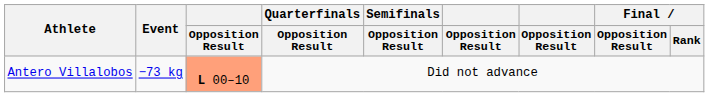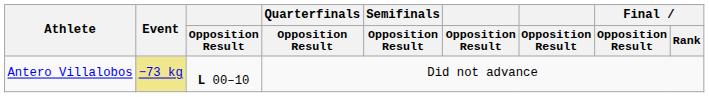 <table class="wikitable" style="font-size:90%">
 <tr>
 <th rowspan="2">Athlete</th>
 <th rowspan="2">Event</th>
 <th></th>
 <th>Quarterfinals</th>
 <th>Semifinals</th>
 <th></th>
 <th></th>
 <th colspan="2">Final / </th>
 </tr>
 <tr style="font-size:95%">
 <th>Opposition<br>Result</th>
 <th>Opposition<br>Result</th>
 <th>Opposition<br>Result</th>
 <th>Opposition<br>Result</th>
 <th>Opposition<br>Result</th>
 <th>Opposition<br>Result</th>
 <th>Rank</th>
 </tr>
 <tr align=center>
 <td align=left><a href='#'>Antero Villalobos</a></td>
-<td align=left><a href='#'>−73 kg</a></td>
-<td style="background: lightsalmon;"><br><strong>L</strong> 00–10</td>
+<td align=left style="background: khaki;"><a href='#'>−73 kg</a></td>
+<td><br><strong>L</strong> 00–10</td>
 <td colspan=6>Did not advance</td>
 </tr>
 </table>
